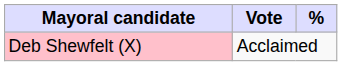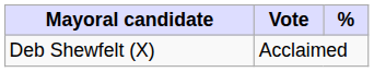 <table class="wikitable">
 <tr>
 <th style="background:#ddf; width:200px;">Mayoral candidate </th>
 <th style="background:#ddf; width:50px;">Vote</th>
 <th style="background:#ddf; width:30px;">%</th>
 </tr>
 <tr>
-<td style="background: pink;">Deb Shewfelt (X)</td>
+<td>Deb Shewfelt (X)</td>
 <td colspan="2">Acclaimed</td>
 </tr>
 </table>
